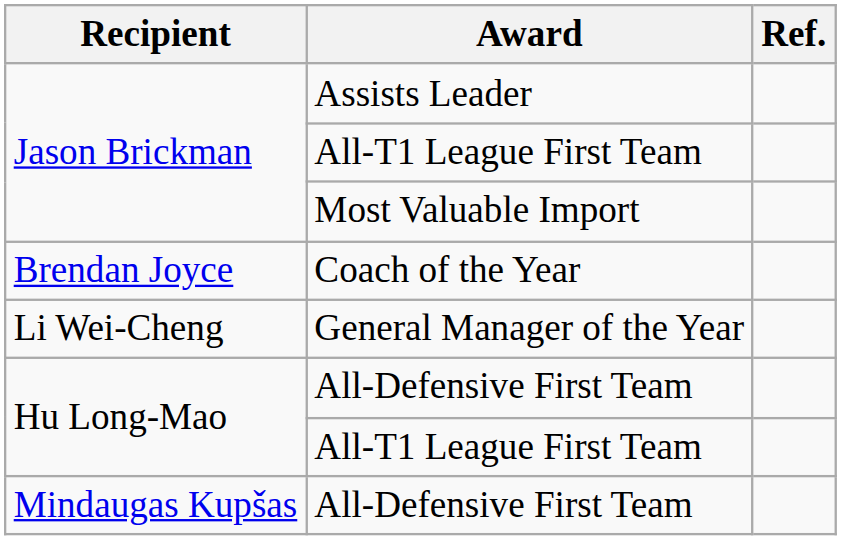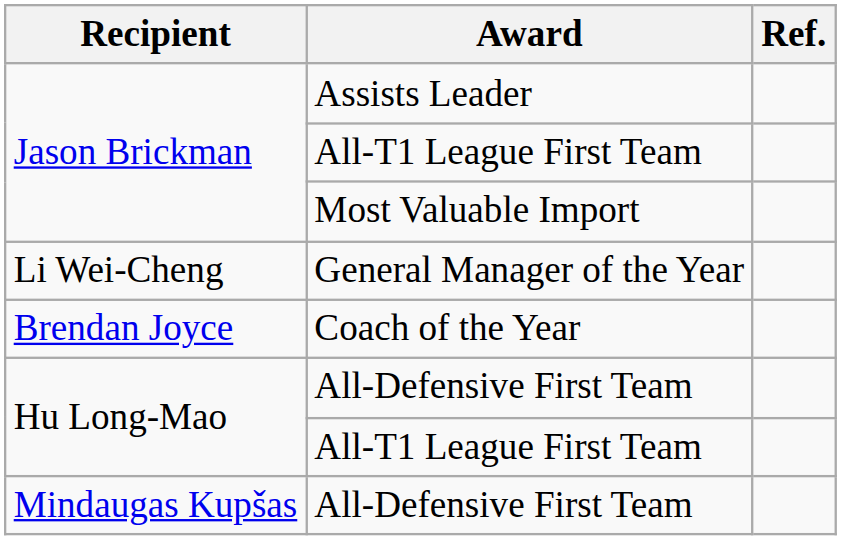 <table class="wikitable">
 <tr>
 <th>Recipient</th>
 <th>Award</th>
 <th>Ref.</th>
 </tr>
 <tr>
 <td rowspan=3><a href='#'>Jason Brickman</a></td>
 <td>Assists Leader</td>
 <td></td>
 </tr>
 <tr>
 <td>All-T1 League First Team</td>
 <td></td>
 </tr>
 <tr>
 <td>Most Valuable Import</td>
 <td></td>
 </tr>
 <tr>
-<td><a href='#'>Brendan Joyce</a></td>
-<td>Coach of the Year</td>
+<td>Li Wei-Cheng</td>
+<td>General Manager of the Year</td>
 <td></td>
 </tr>
 <tr>
-<td>Li Wei-Cheng</td>
-<td>General Manager of the Year</td>
+<td><a href='#'>Brendan Joyce</a></td>
+<td>Coach of the Year</td>
 <td></td>
 </tr>
 <tr>
 <td rowspan=2>Hu Long-Mao</td>
 <td>All-Defensive First Team</td>
 <td></td>
 </tr>
 <tr>
 <td>All-T1 League First Team</td>
 <td></td>
 </tr>
 <tr>
 <td><a href='#'>Mindaugas Kupšas</a></td>
 <td>All-Defensive First Team</td>
 <td></td>
 </tr>
 </table>
